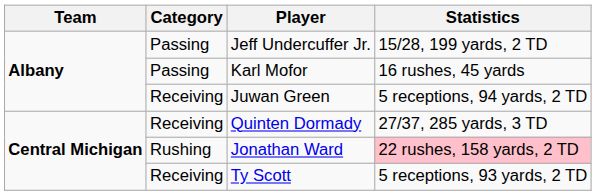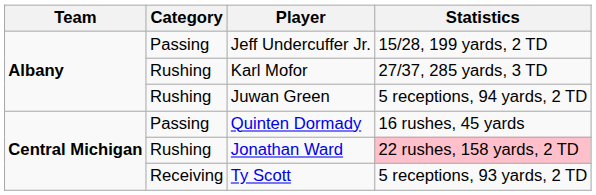 <table class="wikitable" style="float: left;">
 <tr>
 <th>Team</th>
 <th>Category</th>
 <th>Player</th>
 <th>Statistics</th>
 </tr>
 <tr>
 <td rowspan=3><strong>Albany</strong></td>
 <td>Passing</td>
 <td>Jeff Undercuffer Jr.</td>
 <td>15/28, 199 yards, 2 TD</td>
 </tr>
 <tr>
-<td>Passing</td>
+<td>Rushing</td>
 <td>Karl Mofor</td>
-<td>16 rushes, 45 yards</td>
+<td>27/37, 285 yards, 3 TD</td>
 </tr>
 <tr>
-<td>Receiving</td>
+<td>Rushing</td>
 <td>Juwan Green</td>
 <td>5 receptions, 94 yards, 2 TD</td>
 </tr>
 <tr>
 <td rowspan=3><strong>Central Michigan</strong></td>
-<td>Receiving</td>
+<td>Passing</td>
 <td><a href='#'>Quinten Dormady</a></td>
-<td>27/37, 285 yards, 3 TD</td>
+<td>16 rushes, 45 yards</td>
 </tr>
 <tr>
 <td>Rushing</td>
 <td><a href='#'>Jonathan Ward</a></td>
 <td style="background: pink;">22 rushes, 158 yards, 2 TD</td>
 </tr>
 <tr>
 <td>Receiving</td>
 <td><a href='#'>Ty Scott</a></td>
 <td>5 receptions, 93 yards, 2 TD</td>
 </tr>
 </table>
